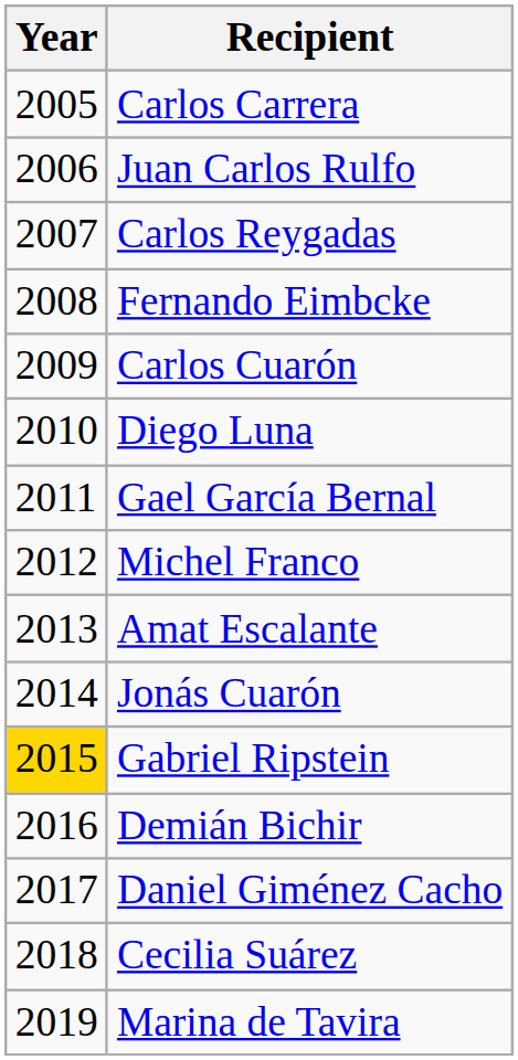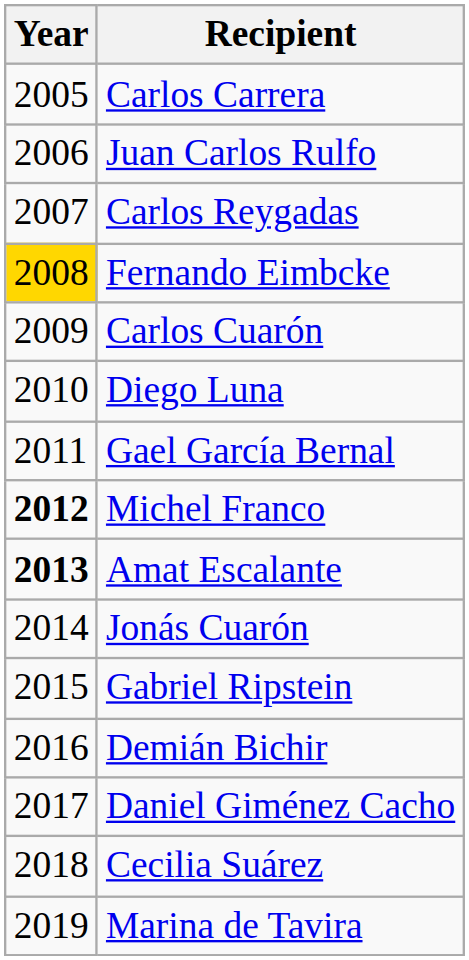 <table class="wikitable">
 <tr>
 <th>Year</th>
 <th>Recipient</th>
 </tr>
 <tr>
 <td>2005</td>
 <td><a href='#'>Carlos Carrera</a></td>
 </tr>
 <tr>
 <td>2006</td>
 <td><a href='#'>Juan Carlos Rulfo</a></td>
 </tr>
 <tr>
 <td>2007</td>
 <td><a href='#'>Carlos Reygadas</a></td>
 </tr>
 <tr>
-<td>2008</td>
+<td style="background: gold;">2008</td>
 <td><a href='#'>Fernando Eimbcke</a></td>
 </tr>
 <tr>
 <td>2009</td>
 <td><a href='#'>Carlos Cuarón</a></td>
 </tr>
 <tr>
 <td>2010</td>
 <td><a href='#'>Diego Luna</a></td>
 </tr>
 <tr>
 <td>2011</td>
 <td><a href='#'>Gael García Bernal</a></td>
 </tr>
 <tr>
-<td>2012</td>
+<td><strong>2012</strong></td>
 <td><a href='#'>Michel Franco</a></td>
 </tr>
 <tr>
-<td>2013</td>
+<td><strong>2013</strong></td>
 <td><a href='#'>Amat Escalante</a></td>
 </tr>
 <tr>
 <td>2014</td>
 <td><a href='#'>Jonás Cuarón</a></td>
 </tr>
 <tr>
-<td style="background: gold;">2015</td>
+<td>2015</td>
 <td><a href='#'>Gabriel Ripstein</a></td>
 </tr>
 <tr>
 <td>2016</td>
 <td><a href='#'>Demián Bichir</a></td>
 </tr>
 <tr>
 <td>2017</td>
 <td><a href='#'>Daniel Giménez Cacho</a></td>
 </tr>
 <tr>
 <td>2018</td>
 <td><a href='#'>Cecilia Suárez</a></td>
 </tr>
 <tr>
 <td>2019</td>
 <td><a href='#'>Marina de Tavira</a></td>
 </tr>
 </table>
